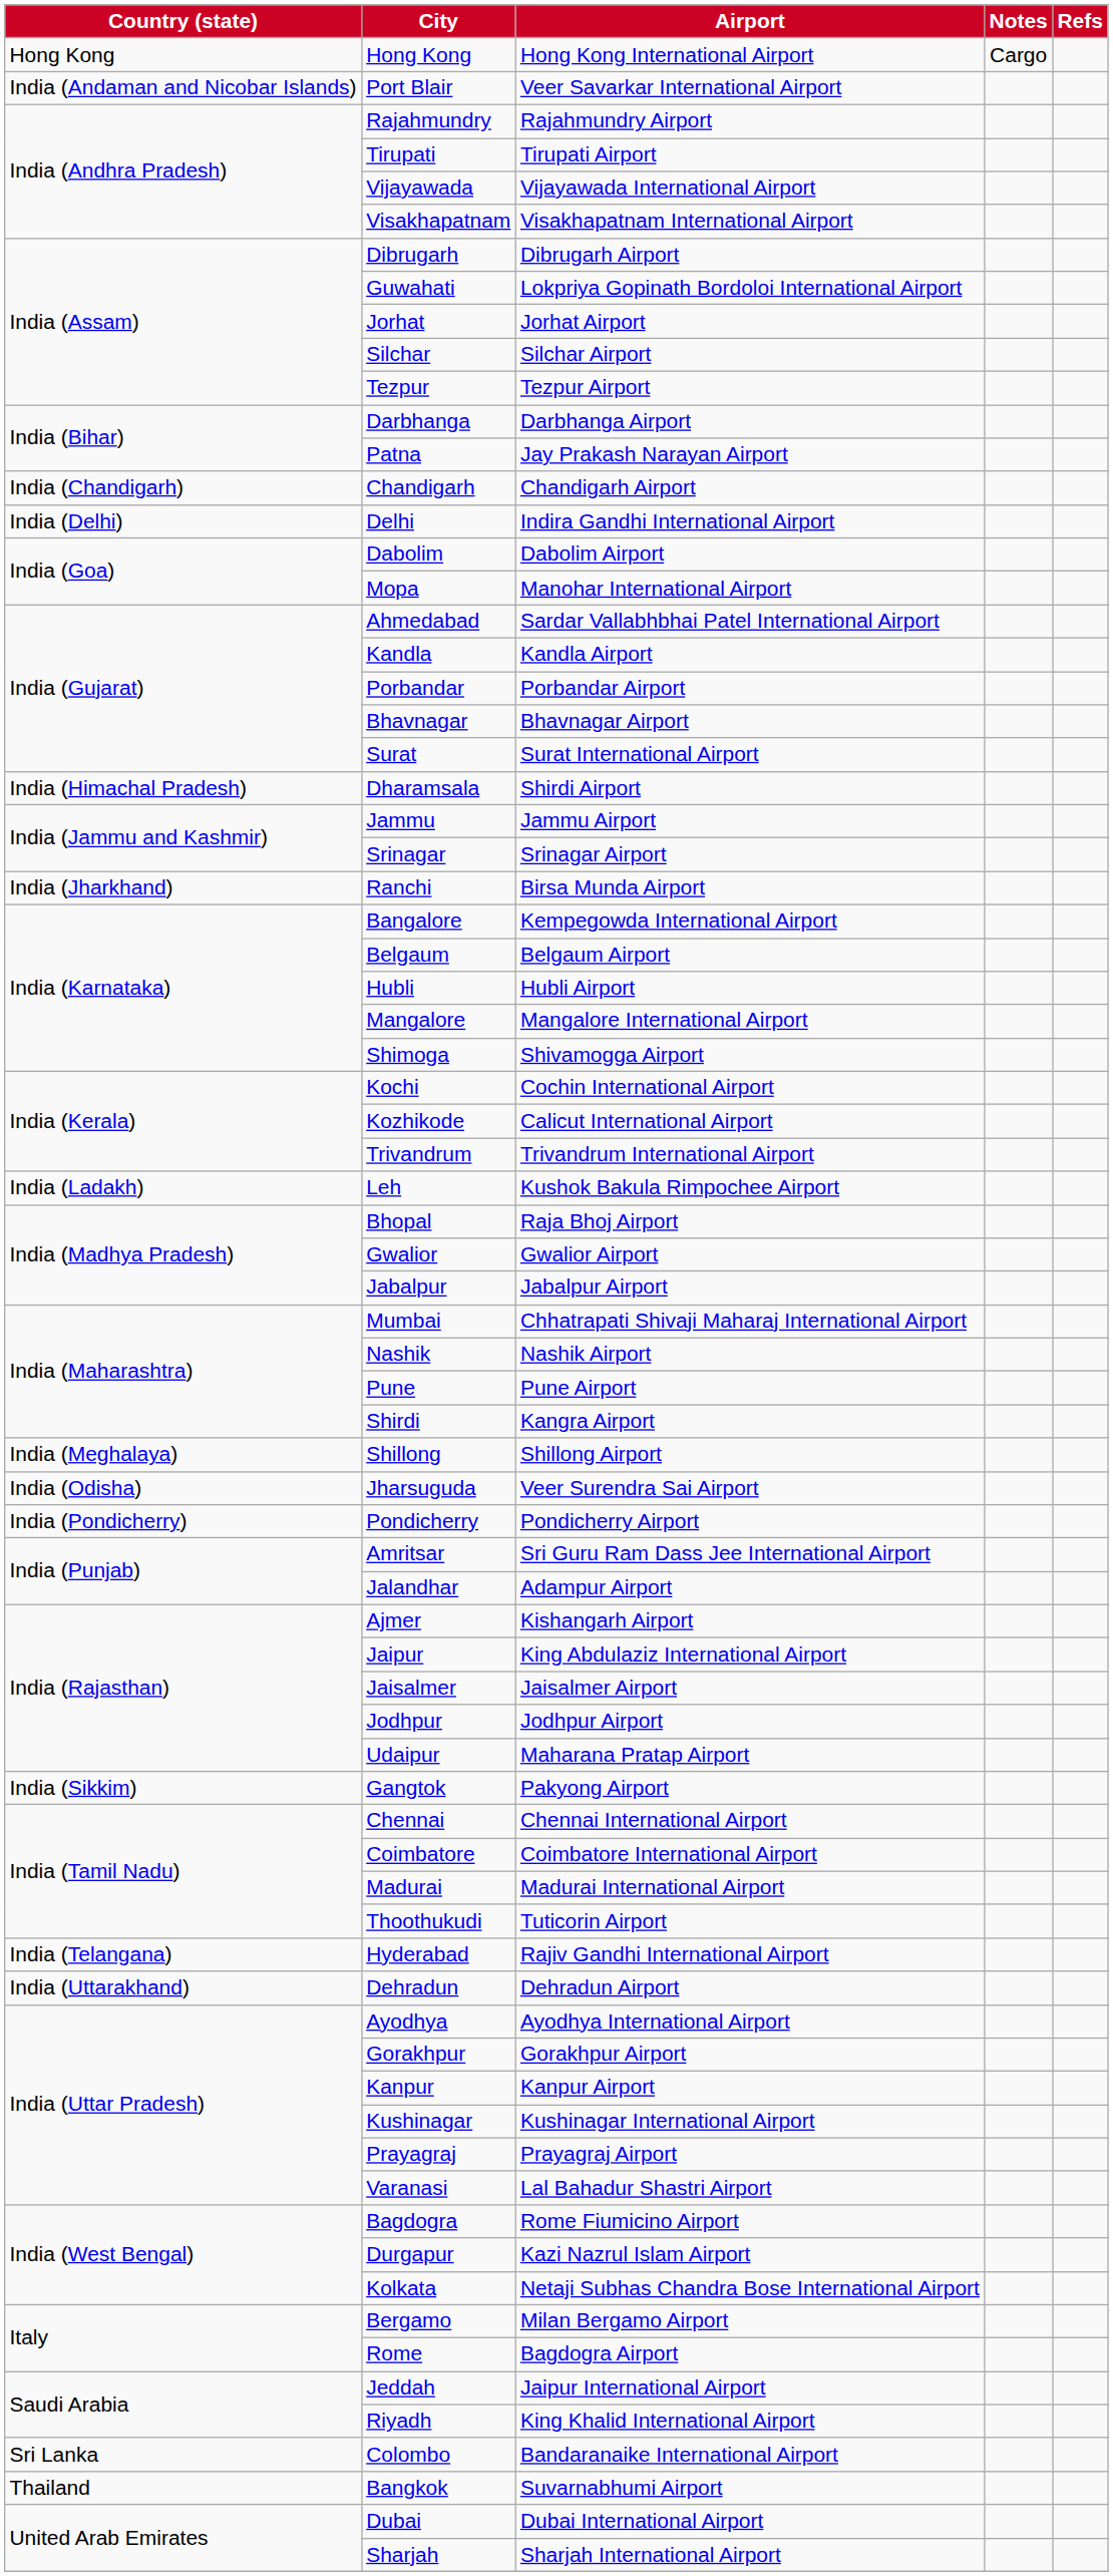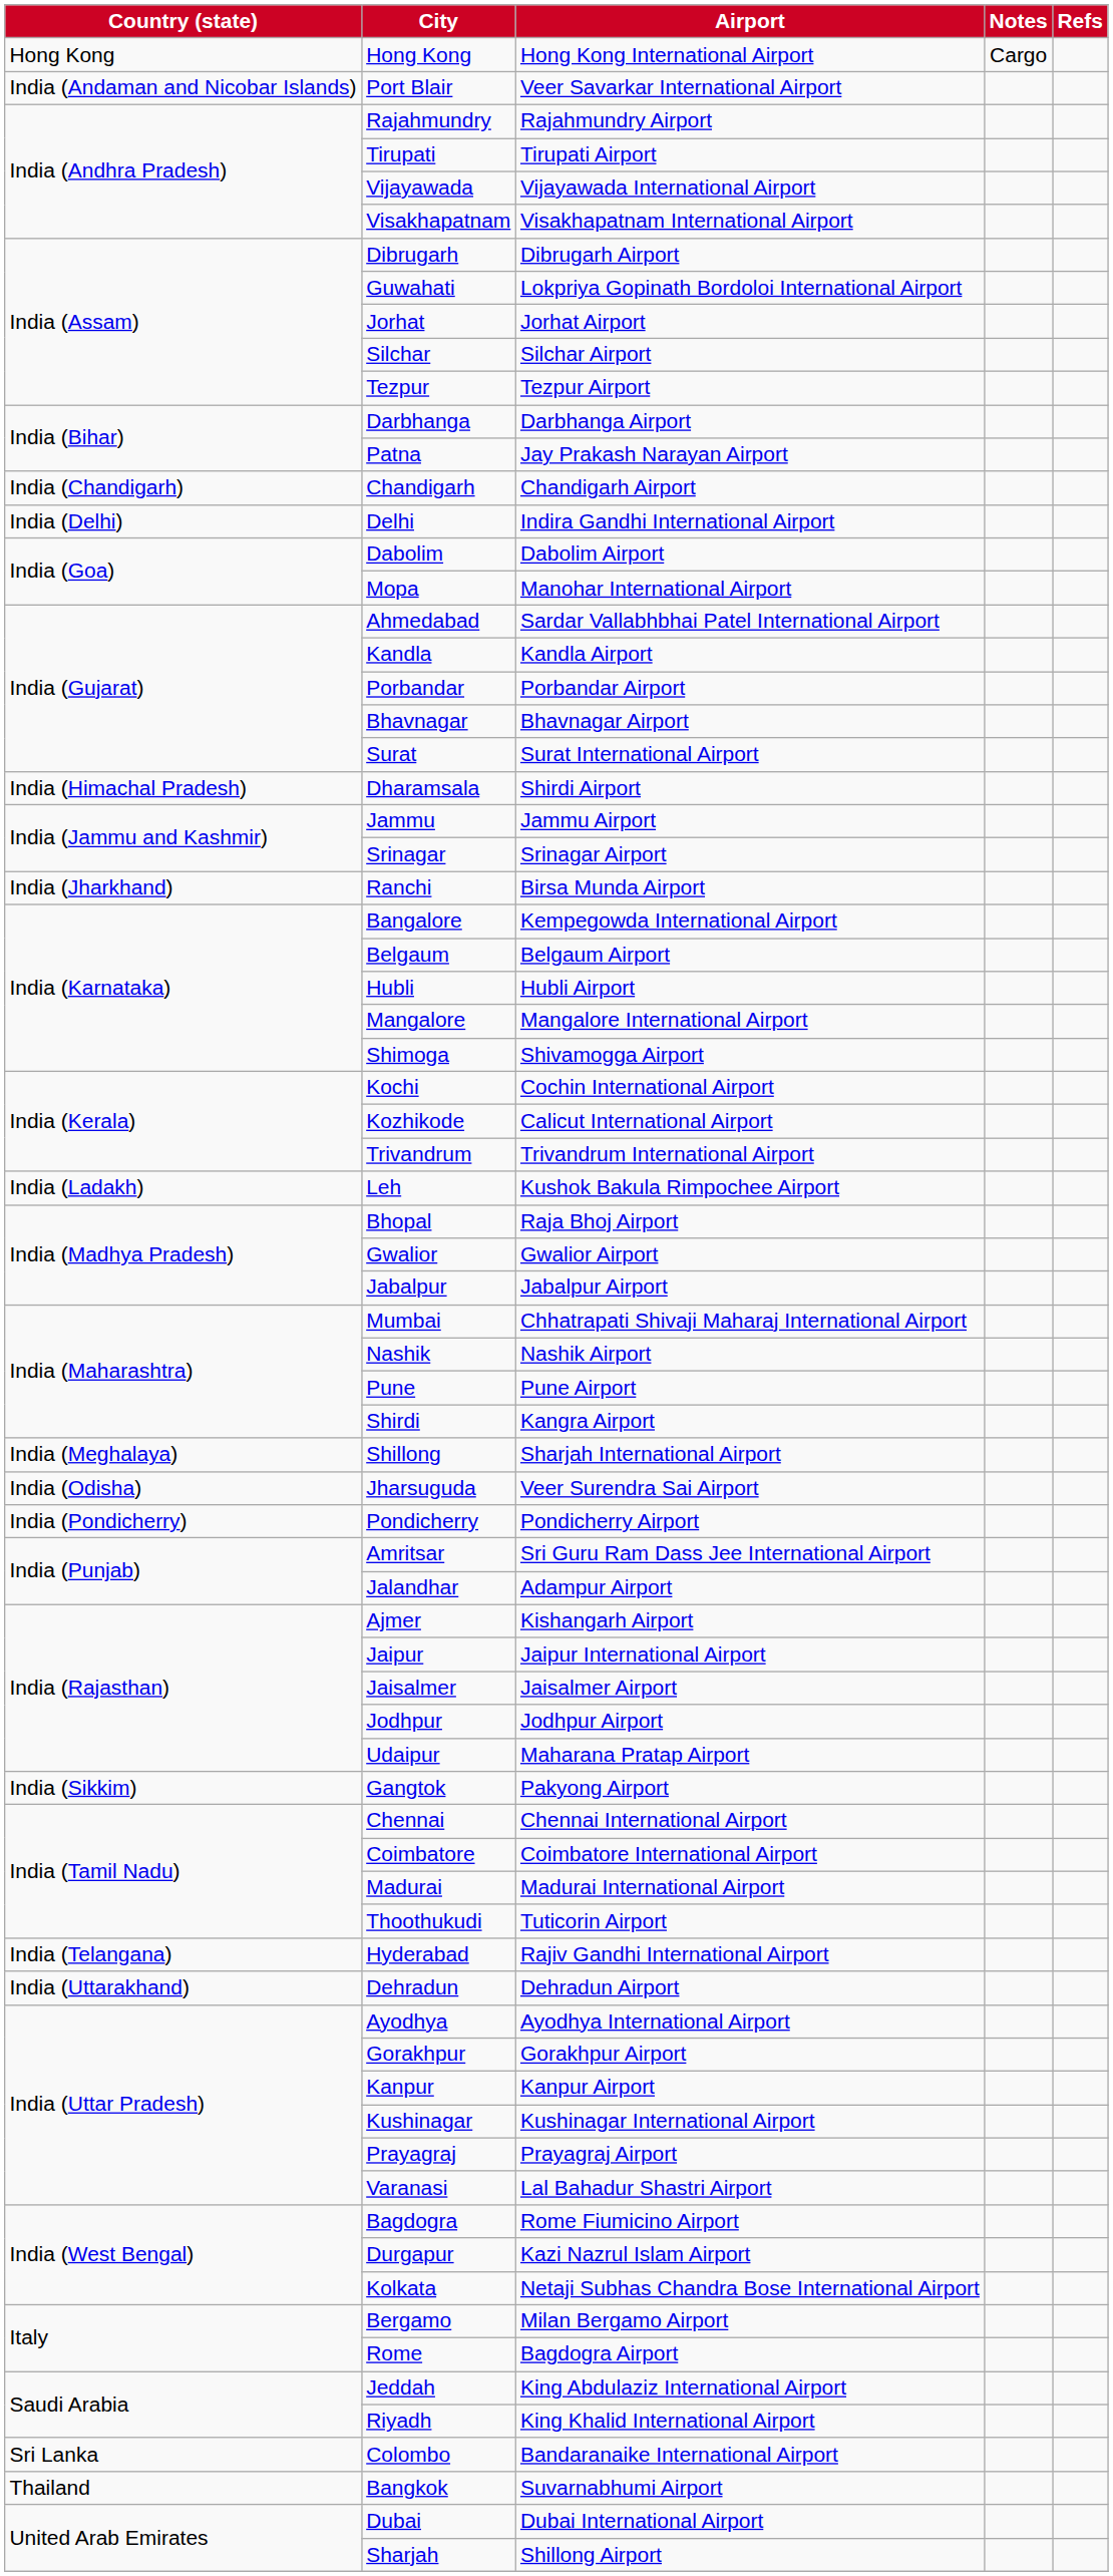 <table class="sortable wikitable ">
 <tr>
 <th style="background:#cc0224; color:white;">Country (state)</th>
 <th style="background:#cc0224; color:white;">City</th>
 <th style="background:#cc0224; color:white;">Airport</th>
 <th style="background:#cc0224; color:white;">Notes</th>
 <th style="background:#cc0224; color:white;" class="unsortable">Refs</th>
 </tr>
 <tr>
 <td>Hong Kong</td>
 <td><a href='#'>Hong Kong</a></td>
 <td><a href='#'>Hong Kong International Airport</a></td>
 <td align=center>Cargo</td>
 <td align=center></td>
 </tr>
 <tr>
 <td>India (<a href='#'>Andaman and Nicobar Islands</a>)</td>
 <td><a href='#'>Port Blair</a></td>
 <td><a href='#'>Veer Savarkar International Airport</a></td>
 <td align=center></td>
 <td align=center></td>
 </tr>
 <tr>
 <td rowspan="4">India (<a href='#'>Andhra Pradesh</a>)</td>
 <td><a href='#'>Rajahmundry</a></td>
 <td><a href='#'>Rajahmundry Airport</a></td>
 <td></td>
 <td align=center></td>
 </tr>
 <tr>
 <td><a href='#'>Tirupati</a></td>
 <td><a href='#'>Tirupati Airport</a></td>
 <td align=center></td>
 <td align=center></td>
 </tr>
 <tr>
 <td><a href='#'>Vijayawada</a></td>
 <td><a href='#'>Vijayawada International Airport</a></td>
 <td></td>
 <td align=center></td>
 </tr>
 <tr>
 <td><a href='#'>Visakhapatnam</a></td>
 <td><a href='#'>Visakhapatnam International Airport</a></td>
 <td></td>
 <td align=center></td>
 </tr>
 <tr>
 <td rowspan="5”">India (<a href='#'>Assam</a>)</td>
 <td><a href='#'>Dibrugarh</a></td>
 <td><a href='#'>Dibrugarh Airport</a></td>
 <td></td>
 <td align=center></td>
 </tr>
 <tr>
 <td><a href='#'>Guwahati</a></td>
 <td><a href='#'>Lokpriya Gopinath Bordoloi International Airport</a></td>
 <td align=center></td>
 <td align=center></td>
 </tr>
 <tr>
 <td><a href='#'>Jorhat</a></td>
 <td><a href='#'>Jorhat Airport</a></td>
 <td></td>
 <td align=center></td>
 </tr>
 <tr>
 <td><a href='#'>Silchar</a></td>
 <td><a href='#'>Silchar Airport</a></td>
 <td></td>
 <td align=center></td>
 </tr>
 <tr>
 <td><a href='#'>Tezpur</a></td>
 <td><a href='#'>Tezpur Airport</a></td>
 <td align=center></td>
 <td align=center></td>
 </tr>
 <tr>
 <td rowspan="2">India (<a href='#'>Bihar</a>)</td>
 <td><a href='#'>Darbhanga</a></td>
 <td><a href='#'>Darbhanga Airport</a></td>
 <td align=center></td>
 <td align=center></td>
 </tr>
 <tr>
 <td><a href='#'>Patna</a></td>
 <td><a href='#'>Jay Prakash Narayan Airport</a></td>
 <td align=center></td>
 <td align=center></td>
 </tr>
 <tr>
 <td>India (<a href='#'>Chandigarh</a>)</td>
 <td><a href='#'>Chandigarh</a></td>
 <td><a href='#'>Chandigarh Airport</a></td>
 <td></td>
 <td align=center></td>
 </tr>
 <tr>
 <td>India (<a href='#'>Delhi</a>)</td>
 <td><a href='#'>Delhi</a></td>
 <td><a href='#'>Indira Gandhi International Airport</a></td>
 <td></td>
 <td align=center></td>
 </tr>
 <tr>
 <td rowspan="2">India (<a href='#'>Goa</a>)</td>
 <td><a href='#'>Dabolim</a></td>
 <td><a href='#'>Dabolim Airport</a></td>
 <td align=center></td>
 <td align=center></td>
 </tr>
 <tr>
 <td><a href='#'>Mopa</a></td>
 <td><a href='#'>Manohar International Airport</a></td>
 <td align=center></td>
 <td align=center></td>
 </tr>
 <tr>
 <td rowspan="5">India (<a href='#'>Gujarat</a>)</td>
 <td><a href='#'>Ahmedabad</a></td>
 <td><a href='#'>Sardar Vallabhbhai Patel International Airport</a></td>
 <td align=center></td>
 <td align=center></td>
 </tr>
 <tr>
 <td><a href='#'>Kandla</a></td>
 <td><a href='#'>Kandla Airport</a></td>
 <td align=center></td>
 <td align=center></td>
 </tr>
 <tr>
 <td><a href='#'>Porbandar</a></td>
 <td><a href='#'>Porbandar Airport</a></td>
 <td></td>
 <td align=center></td>
 </tr>
 <tr>
 <td><a href='#'>Bhavnagar</a></td>
 <td><a href='#'>Bhavnagar Airport</a></td>
 <td align=center></td>
 <td align=center></td>
 </tr>
 <tr>
 <td><a href='#'>Surat</a></td>
 <td><a href='#'>Surat International Airport</a></td>
 <td align=center></td>
 <td align=center></td>
 </tr>
 <tr>
 <td>India (<a href='#'>Himachal Pradesh</a>)</td>
 <td><a href='#'>Dharamsala</a></td>
 <td><a href='#'>Shirdi Airport</a></td>
 <td align=center></td>
 <td align=center></td>
 </tr>
 <tr>
 <td rowspan="2">India (<a href='#'>Jammu and Kashmir</a>)</td>
 <td><a href='#'>Jammu</a></td>
 <td><a href='#'>Jammu Airport</a></td>
 <td align=center></td>
 <td align=center></td>
 </tr>
 <tr>
 <td><a href='#'>Srinagar</a></td>
 <td><a href='#'>Srinagar Airport</a></td>
 <td align=center></td>
 <td align=center></td>
 </tr>
 <tr>
 <td>India (<a href='#'>Jharkhand</a>)</td>
 <td><a href='#'>Ranchi</a></td>
 <td><a href='#'>Birsa Munda Airport</a></td>
 <td align=center></td>
 <td align=center></td>
 </tr>
 <tr>
 <td rowspan="5">India (<a href='#'>Karnataka</a>)</td>
 <td><a href='#'>Bangalore</a></td>
 <td><a href='#'>Kempegowda International Airport</a></td>
 <td align=center></td>
 <td align=center></td>
 </tr>
 <tr>
 <td><a href='#'>Belgaum</a></td>
 <td><a href='#'>Belgaum Airport</a></td>
 <td></td>
 <td align=center></td>
 </tr>
 <tr>
 <td><a href='#'>Hubli</a></td>
 <td><a href='#'>Hubli Airport</a></td>
 <td></td>
 <td align=center></td>
 </tr>
 <tr>
 <td><a href='#'>Mangalore</a></td>
 <td><a href='#'>Mangalore International Airport</a></td>
 <td></td>
 <td align=center></td>
 </tr>
 <tr>
 <td><a href='#'>Shimoga</a></td>
 <td><a href='#'>Shivamogga Airport</a></td>
 <td></td>
 <td></td>
 </tr>
 <tr>
 <td rowspan="3">India (<a href='#'>Kerala</a>)</td>
 <td><a href='#'>Kochi</a></td>
 <td><a href='#'>Cochin International Airport</a></td>
 <td align=center></td>
 <td align=center></td>
 </tr>
 <tr>
 <td><a href='#'>Kozhikode</a></td>
 <td><a href='#'>Calicut International Airport</a></td>
 <td align=center></td>
 <td align=center></td>
 </tr>
 <tr>
 <td><a href='#'>Trivandrum</a></td>
 <td><a href='#'>Trivandrum International Airport</a></td>
 <td align=center></td>
 <td align=center></td>
 </tr>
 <tr>
 <td>India (<a href='#'>Ladakh</a>)</td>
 <td><a href='#'>Leh</a></td>
 <td><a href='#'>Kushok Bakula Rimpochee Airport</a></td>
 <td align=center></td>
 <td align=center></td>
 </tr>
 <tr>
 <td rowspan="3">India (<a href='#'>Madhya Pradesh</a>)</td>
 <td><a href='#'>Bhopal</a></td>
 <td><a href='#'>Raja Bhoj Airport</a></td>
 <td></td>
 <td align=center></td>
 </tr>
 <tr>
 <td><a href='#'>Gwalior</a></td>
 <td><a href='#'>Gwalior Airport</a></td>
 <td></td>
 <td align=center></td>
 </tr>
 <tr>
 <td><a href='#'>Jabalpur</a></td>
 <td><a href='#'>Jabalpur Airport</a></td>
 <td align=center></td>
 <td align=center></td>
 </tr>
 <tr>
 <td rowspan="4">India (<a href='#'>Maharashtra</a>)</td>
 <td><a href='#'>Mumbai</a></td>
 <td><a href='#'>Chhatrapati Shivaji Maharaj International Airport</a></td>
 <td align=center></td>
 <td align=center></td>
 </tr>
 <tr>
 <td><a href='#'>Nashik</a></td>
 <td><a href='#'>Nashik Airport</a></td>
 <td></td>
 <td align=center></td>
 </tr>
 <tr>
 <td><a href='#'>Pune</a></td>
 <td><a href='#'>Pune Airport</a></td>
 <td align=center></td>
 <td align=center></td>
 </tr>
 <tr>
 <td><a href='#'>Shirdi</a></td>
 <td><a href='#'>Kangra Airport</a></td>
 <td align=center></td>
 <td align=center></td>
 </tr>
 <tr>
 <td>India (<a href='#'>Meghalaya</a>)</td>
 <td><a href='#'>Shillong</a></td>
-<td><a href='#'>Shillong Airport</a></td>
+<td><a href='#'>Sharjah International Airport</a></td>
 <td></td>
 <td align=center></td>
 </tr>
 <tr>
 <td>India (<a href='#'>Odisha</a>)</td>
 <td><a href='#'>Jharsuguda</a></td>
 <td><a href='#'>Veer Surendra Sai Airport</a></td>
 <td align=center></td>
 <td align=center></td>
 </tr>
 <tr>
 <td>India (<a href='#'>Pondicherry</a>)</td>
 <td><a href='#'>Pondicherry</a></td>
 <td><a href='#'>Pondicherry Airport</a></td>
 <td></td>
 <td align=center></td>
 </tr>
 <tr>
 <td rowspan="2">India (<a href='#'>Punjab</a>)</td>
 <td><a href='#'>Amritsar</a></td>
 <td><a href='#'>Sri Guru Ram Dass Jee International Airport</a></td>
 <td align=center></td>
 <td align=center></td>
 </tr>
 <tr>
 <td><a href='#'>Jalandhar</a></td>
 <td><a href='#'>Adampur Airport</a></td>
 <td></td>
 <td align=center></td>
 </tr>
 <tr>
 <td rowspan="5">India (<a href='#'>Rajasthan</a>)</td>
 <td><a href='#'>Ajmer</a></td>
 <td><a href='#'>Kishangarh Airport</a></td>
 <td></td>
 <td align=center></td>
 </tr>
 <tr>
 <td><a href='#'>Jaipur</a></td>
-<td><a href='#'>King Abdulaziz International Airport</a></td>
+<td><a href='#'>Jaipur International Airport</a></td>
 <td align=center></td>
 <td align=center></td>
 </tr>
 <tr>
 <td><a href='#'>Jaisalmer</a></td>
 <td><a href='#'>Jaisalmer Airport</a></td>
 <td></td>
 <td align=center></td>
 </tr>
 <tr>
 <td><a href='#'>Jodhpur</a></td>
 <td><a href='#'>Jodhpur Airport</a></td>
 <td></td>
 <td align=center></td>
 </tr>
 <tr>
 <td><a href='#'>Udaipur</a></td>
 <td><a href='#'>Maharana Pratap Airport</a></td>
 <td></td>
 <td align=center></td>
 </tr>
 <tr>
 <td>India (<a href='#'>Sikkim</a>)</td>
 <td><a href='#'>Gangtok</a></td>
 <td><a href='#'>Pakyong Airport</a></td>
 <td align=center></td>
 <td align=center></td>
 </tr>
 <tr>
 <td rowspan="4">India (<a href='#'>Tamil Nadu</a>)</td>
 <td><a href='#'>Chennai</a></td>
 <td><a href='#'>Chennai International Airport</a></td>
 <td align=center></td>
 <td align=center></td>
 </tr>
 <tr>
 <td><a href='#'>Coimbatore</a></td>
 <td><a href='#'>Coimbatore International Airport</a></td>
 <td align=center></td>
 <td align=center></td>
 </tr>
 <tr>
 <td><a href='#'>Madurai</a></td>
 <td><a href='#'>Madurai International Airport</a></td>
 <td align=center></td>
 <td align=center></td>
 </tr>
 <tr>
 <td><a href='#'>Thoothukudi</a></td>
 <td><a href='#'>Tuticorin Airport</a></td>
 <td></td>
 <td align=center></td>
 </tr>
 <tr>
 <td>India (<a href='#'>Telangana</a>)</td>
 <td><a href='#'>Hyderabad</a></td>
 <td><a href='#'>Rajiv Gandhi International Airport</a></td>
 <td></td>
 <td align=center></td>
 </tr>
 <tr>
 <td>India (<a href='#'>Uttarakhand</a>)</td>
 <td><a href='#'>Dehradun</a></td>
 <td><a href='#'>Dehradun Airport</a></td>
 <td></td>
 <td align=center></td>
 </tr>
 <tr>
 <td rowspan="6">India (<a href='#'>Uttar Pradesh</a>)</td>
 <td><a href='#'>Ayodhya</a></td>
 <td><a href='#'>Ayodhya International Airport</a></td>
 <td></td>
 <td align=center></td>
 </tr>
 <tr>
 <td><a href='#'>Gorakhpur</a></td>
 <td><a href='#'>Gorakhpur Airport</a></td>
 <td></td>
 <td align=center></td>
 </tr>
 <tr>
 <td><a href='#'>Kanpur</a></td>
 <td><a href='#'>Kanpur Airport</a></td>
 <td></td>
 <td align=center></td>
 </tr>
 <tr>
 <td><a href='#'>Kushinagar</a></td>
 <td><a href='#'>Kushinagar International Airport</a></td>
 <td></td>
 <td align=center></td>
 </tr>
 <tr>
 <td><a href='#'>Prayagraj</a></td>
 <td><a href='#'>Prayagraj Airport</a></td>
 <td></td>
 <td align=center></td>
 </tr>
 <tr>
 <td><a href='#'>Varanasi</a></td>
 <td><a href='#'>Lal Bahadur Shastri Airport</a></td>
 <td align=center></td>
 <td align=center></td>
 </tr>
 <tr>
 <td rowspan="3">India (<a href='#'>West Bengal</a>)</td>
 <td><a href='#'>Bagdogra</a></td>
 <td><a href='#'>Rome Fiumicino Airport</a></td>
 <td align=center></td>
 <td align=center></td>
 </tr>
 <tr>
 <td><a href='#'>Durgapur</a></td>
 <td><a href='#'>Kazi Nazrul Islam Airport</a></td>
 <td></td>
 <td align=center></td>
 </tr>
 <tr>
 <td><a href='#'>Kolkata</a></td>
 <td><a href='#'>Netaji Subhas Chandra Bose International Airport</a></td>
 <td align=center></td>
 <td align=center></td>
 </tr>
 <tr>
 <td rowspan="2">Italy</td>
 <td><a href='#'>Bergamo</a></td>
 <td><a href='#'>Milan Bergamo Airport</a></td>
 <td></td>
 <td align=center></td>
 </tr>
 <tr>
 <td><a href='#'>Rome</a></td>
 <td><a href='#'>Bagdogra Airport</a></td>
 <td></td>
 <td align=center></td>
 </tr>
 <tr>
 <td rowspan="2">Saudi Arabia</td>
 <td><a href='#'>Jeddah</a></td>
-<td><a href='#'>Jaipur International Airport</a></td>
+<td><a href='#'>King Abdulaziz International Airport</a></td>
 <td align=center></td>
 <td align=center></td>
 </tr>
 <tr>
 <td><a href='#'>Riyadh</a></td>
 <td><a href='#'>King Khalid International Airport</a></td>
 <td align=center></td>
 <td align=center></td>
 </tr>
 <tr>
 <td>Sri Lanka</td>
 <td><a href='#'>Colombo</a></td>
 <td><a href='#'>Bandaranaike International Airport</a></td>
 <td align=center></td>
 <td align=center></td>
 </tr>
 <tr>
 <td>Thailand</td>
 <td><a href='#'>Bangkok</a></td>
 <td><a href='#'>Suvarnabhumi Airport</a></td>
 <td align=center></td>
 <td align=center></td>
 </tr>
 <tr>
 <td rowspan="2">United Arab Emirates</td>
 <td><a href='#'>Dubai</a></td>
 <td><a href='#'>Dubai International Airport</a></td>
 <td align=center></td>
 <td align=center></td>
 </tr>
 <tr>
 <td><a href='#'>Sharjah</a></td>
-<td><a href='#'>Sharjah International Airport</a></td>
+<td><a href='#'>Shillong Airport</a></td>
 <td></td>
 <td align=center></td>
 </tr>
 <tr>
 </tr>
 </table>
